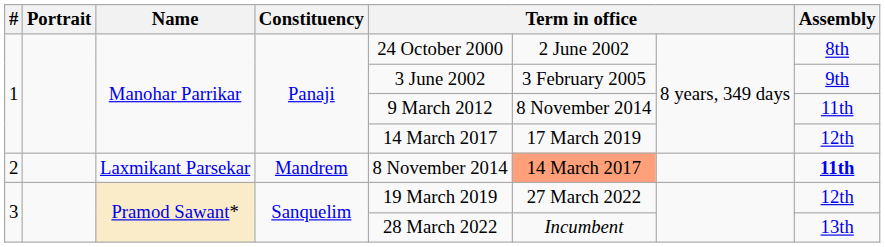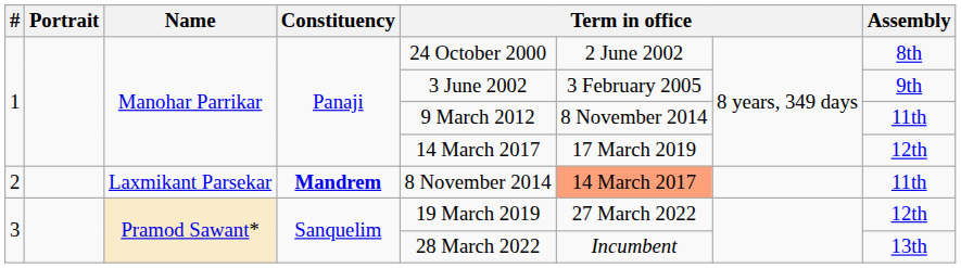 <table class="wikitable plainrowheaders" style="text-align:center">
 <tr align=center>
 <th>#</th>
 <th>Portrait</th>
 <th>Name</th>
 <th>Constituency</th>
 <th colspan="3">Term in office</th>
 <th>Assembly</th>
 </tr>
 <tr align="center">
 <td rowspan="4">1</td>
 <td rowspan="4"></td>
 <td rowspan="4"><a href='#'>Manohar Parrikar</a></td>
 <td rowspan="4"><a href='#'>Panaji</a></td>
 <td>24 October 2000</td>
 <td>2 June 2002</td>
 <td rowspan="4">8 years, 349 days</td>
 <td><a href='#'>8th</a></td>
 </tr>
 <tr align="center">
 <td>3 June 2002</td>
 <td>3 February 2005</td>
 <td><a href='#'>9th</a></td>
 </tr>
 <tr align="center">
 <td>9 March 2012</td>
 <td>8 November 2014</td>
 <td><a href='#'>11th</a></td>
 </tr>
 <tr align="center">
 <td>14 March 2017</td>
 <td>17 March 2019</td>
 <td><a href='#'>12th</a></td>
 </tr>
 <tr align="center">
 <td>2</td>
 <td></td>
 <td><a href='#'>Laxmikant Parsekar</a></td>
-<td><a href='#'>Mandrem</a></td>
+<td><strong><a href='#'>Mandrem</a></strong></td>
 <td>8 November 2014</td>
 <td style="background: lightsalmon;">14 March 2017</td>
 <td></td>
-<td><strong><a href='#'>11th</a></strong></td>
+<td><a href='#'>11th</a></td>
 </tr>
 <tr align="center">
 <td rowspan="2">3</td>
 <td rowspan="2"></td>
 <td Rowspan=2 style="background:#faecc8;text-align:center;"><a href='#'>Pramod Sawant</a>*</td>
 <td rowspan="2"><a href='#'>Sanquelim</a></td>
 <td>19 March 2019</td>
 <td>27 March 2022</td>
 <td rowspan="2"></td>
 <td><a href='#'>12th</a></td>
 </tr>
 <tr>
 <td>28 March 2022</td>
 <td><em>Incumbent</em></td>
 <td><a href='#'>13th</a></td>
 </tr>
 </table>
